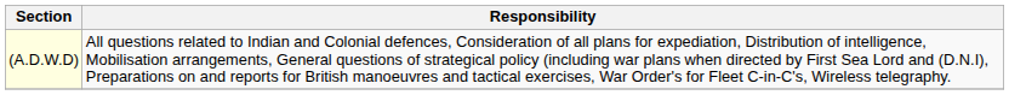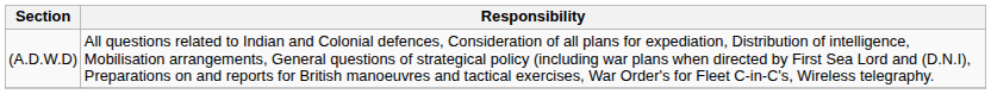 <table class="collapsible wikitable collapsed" style="width: 65%">
 <tr>
 <th>Section</th>
 <th>Responsibility</th>
 </tr>
 <tr>
-<td style="background: lightyellow;">(A.D.W.D)</td>
+<td>(A.D.W.D)</td>
 <td>All questions related to Indian and Colonial defences, Consideration of all plans for expediation, Distribution of intelligence, Mobilisation arrangements, General questions of strategical policy (including war plans when directed by First Sea Lord and (D.N.I), Preparations on and reports for British manoeuvres and tactical exercises, War Order's for Fleet C-in-C's, Wireless telegraphy.</td>
 </tr>
 <tr>
 </tr>
 </table>
